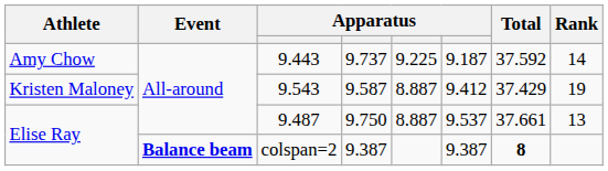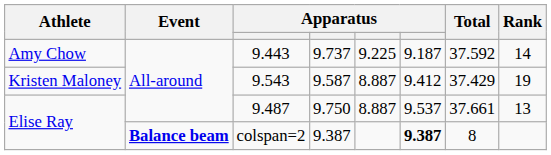 <table class=wikitable style=font-size:90%;text-align:center>
 <tr>
 <th rowspan=2>Athlete</th>
 <th rowspan=2>Event</th>
 <th colspan=4>Apparatus</th>
 <th rowspan=2>Total</th>
 <th rowspan=2>Rank</th>
 </tr>
 <tr style=font-size:95%>
 <th></th>
 <th></th>
 <th></th>
 <th></th>
 </tr>
 <tr>
 <td align=left><a href='#'>Amy Chow</a></td>
 <td align=left rowspan=3><a href='#'>All-around</a></td>
 <td>9.443</td>
 <td>9.737</td>
 <td>9.225</td>
 <td>9.187</td>
 <td>37.592</td>
 <td>14</td>
 </tr>
 <tr>
 <td align=left><a href='#'>Kristen Maloney</a></td>
 <td>9.543</td>
 <td>9.587</td>
 <td>8.887</td>
 <td>9.412</td>
 <td>37.429</td>
 <td>19</td>
 </tr>
 <tr>
 <td align=left rowspan=2><a href='#'>Elise Ray</a></td>
 <td>9.487</td>
 <td>9.750</td>
 <td>8.887</td>
 <td>9.537</td>
 <td>37.661</td>
 <td>13</td>
 </tr>
 <tr>
 <td align=left><strong><a href='#'>Balance beam</a></strong></td>
 <td>colspan=2 </td>
 <td>9.387</td>
 <td></td>
-<td>9.387</td>
-<td><strong>8</strong></td>
+<td><strong>9.387</strong></td>
+<td>8</td>
 </tr>
 </table>
